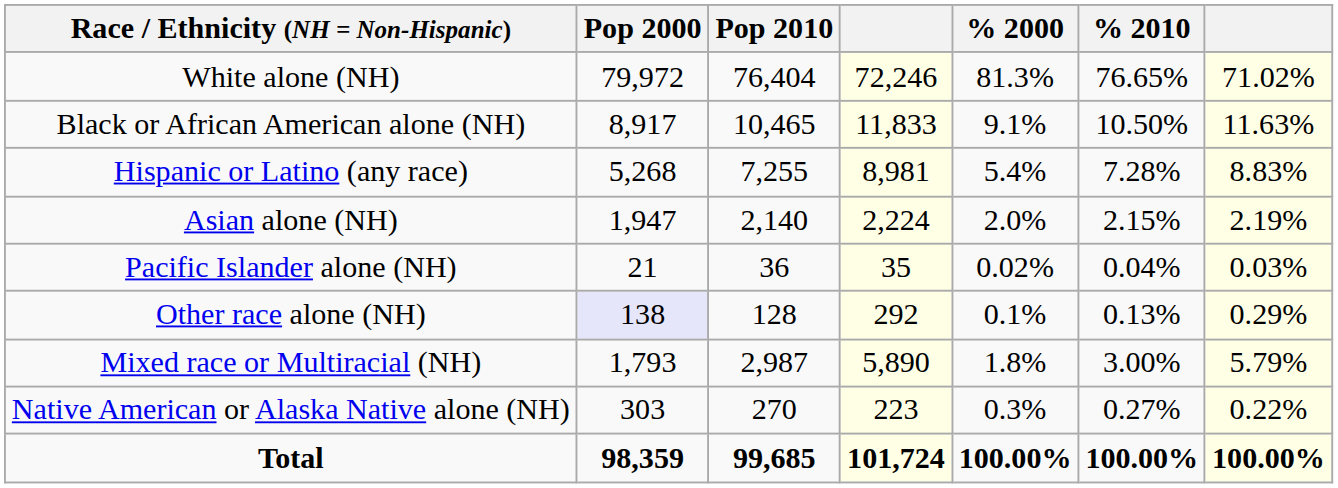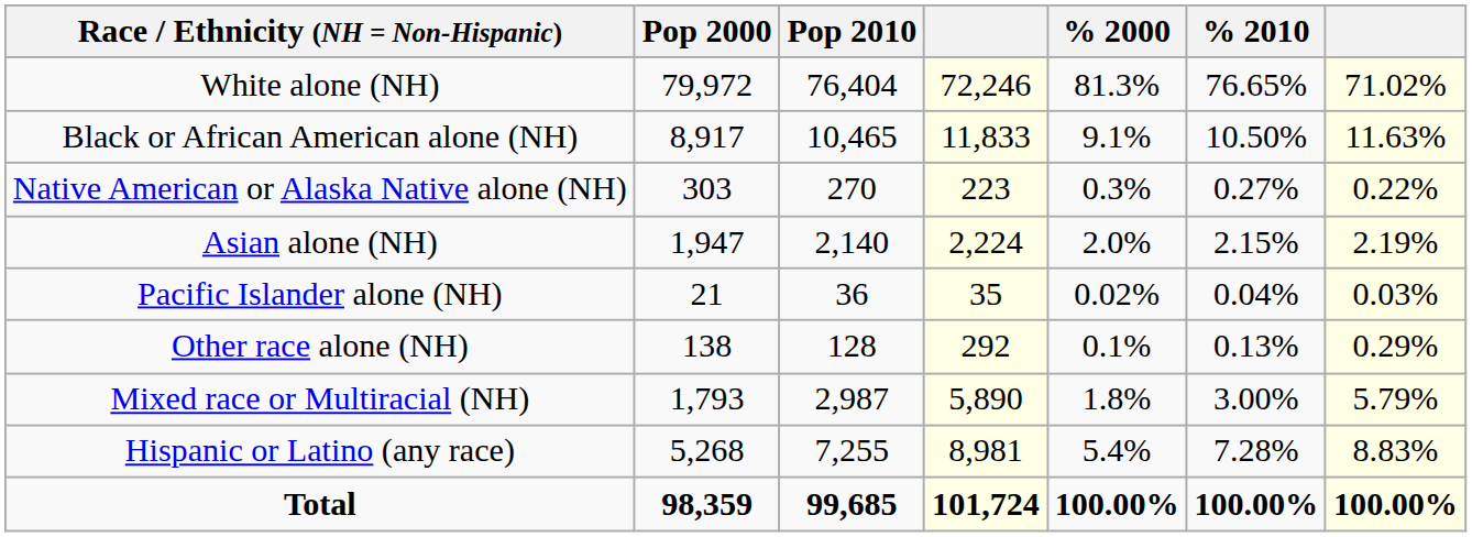 <table class="wikitable" style="text-align:center;">
 <tr>
 <th>Race / Ethnicity <small>(<em>NH = Non-Hispanic</em>)</small></th>
 <th>Pop 2000</th>
 <th>Pop 2010</th>
 <th></th>
 <th>% 2000</th>
 <th>% 2010</th>
 <th></th>
 </tr>
 <tr>
 <td>White alone (NH)</td>
 <td>79,972</td>
 <td>76,404</td>
 <td style='background: #ffffe6;'>72,246</td>
 <td>81.3%</td>
 <td>76.65%</td>
 <td style='background: #ffffe6;'>71.02%</td>
 </tr>
 <tr>
 <td>Black or African American alone (NH)</td>
 <td>8,917</td>
 <td>10,465</td>
 <td style='background: #ffffe6;'>11,833</td>
 <td>9.1%</td>
 <td>10.50%</td>
 <td style='background: #ffffe6;'>11.63%</td>
 </tr>
 <tr>
-<td><a href='#'>Hispanic or Latino</a> (any race)</td>
-<td>5,268</td>
-<td>7,255</td>
-<td style='background: #ffffe6;'>8,981</td>
-<td>5.4%</td>
-<td>7.28%</td>
-<td style='background: #ffffe6;'>8.83%</td>
+<td><a href='#'>Native American</a> or <a href='#'>Alaska Native</a> alone (NH)</td>
+<td>303</td>
+<td>270</td>
+<td style='background: #ffffe6;'>223</td>
+<td>0.3%</td>
+<td>0.27%</td>
+<td style='background: #ffffe6;'>0.22%</td>
 </tr>
 <tr>
 <td><a href='#'>Asian</a> alone (NH)</td>
 <td>1,947</td>
 <td>2,140</td>
 <td style='background: #ffffe6;'>2,224</td>
 <td>2.0%</td>
 <td>2.15%</td>
 <td style='background: #ffffe6;'>2.19%</td>
 </tr>
 <tr>
 <td><a href='#'>Pacific Islander</a> alone (NH)</td>
 <td>21</td>
 <td>36</td>
 <td style='background: #ffffe6;'>35</td>
 <td>0.02%</td>
 <td>0.04%</td>
 <td style='background: #ffffe6;'>0.03%</td>
 </tr>
 <tr>
 <td><a href='#'>Other race</a> alone (NH)</td>
-<td style="background: lavender;">138</td>
+<td>138</td>
 <td>128</td>
 <td style='background: #ffffe6;'>292</td>
 <td>0.1%</td>
 <td>0.13%</td>
 <td style='background: #ffffe6;'>0.29%</td>
 </tr>
 <tr>
 <td><a href='#'>Mixed race or Multiracial</a> (NH)</td>
 <td>1,793</td>
 <td>2,987</td>
 <td style='background: #ffffe6;'>5,890</td>
 <td>1.8%</td>
 <td>3.00%</td>
 <td style='background: #ffffe6;'>5.79%</td>
 </tr>
 <tr>
-<td><a href='#'>Native American</a> or <a href='#'>Alaska Native</a> alone (NH)</td>
-<td>303</td>
-<td>270</td>
-<td style='background: #ffffe6;'>223</td>
-<td>0.3%</td>
-<td>0.27%</td>
-<td style='background: #ffffe6;'>0.22%</td>
+<td><a href='#'>Hispanic or Latino</a> (any race)</td>
+<td>5,268</td>
+<td>7,255</td>
+<td style='background: #ffffe6;'>8,981</td>
+<td>5.4%</td>
+<td>7.28%</td>
+<td style='background: #ffffe6;'>8.83%</td>
 </tr>
 <tr>
 <td><strong>Total</strong></td>
 <td><strong>98,359</strong></td>
 <td><strong>99,685</strong></td>
 <td style='background: #ffffe6;'><strong>101,724</strong></td>
 <td><strong>100.00%</strong></td>
 <td><strong>100.00%</strong></td>
 <td style='background: #ffffe6;'><strong>100.00%</strong></td>
 </tr>
 </table>
